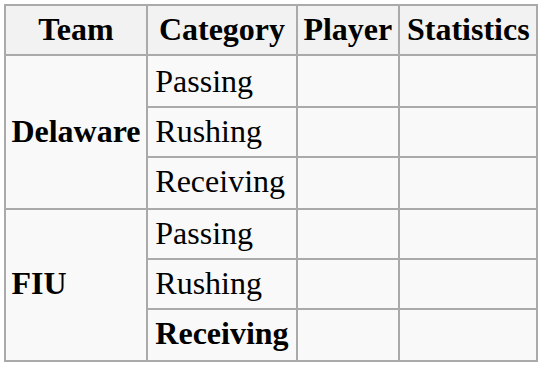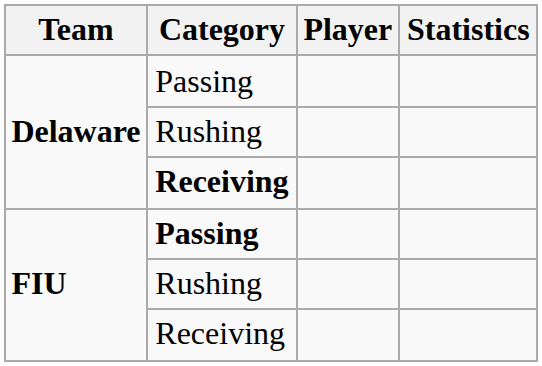 <table class="wikitable" style="float: right;">
 <tr>
 <th>Team</th>
 <th>Category</th>
 <th>Player</th>
 <th>Statistics</th>
 </tr>
 <tr>
 <td rowspan=3><strong>Delaware</strong></td>
 <td>Passing</td>
 <td></td>
 <td></td>
 </tr>
 <tr>
 <td>Rushing</td>
 <td></td>
 <td></td>
 </tr>
 <tr>
-<td>Receiving</td>
+<td><strong>Receiving</strong></td>
 <td></td>
 <td></td>
 </tr>
 <tr>
 <td rowspan=3><strong>FIU</strong></td>
-<td>Passing</td>
+<td><strong>Passing</strong></td>
 <td></td>
 <td></td>
 </tr>
 <tr>
 <td>Rushing</td>
 <td></td>
 <td></td>
 </tr>
 <tr>
-<td><strong>Receiving</strong></td>
+<td>Receiving</td>
 <td></td>
 <td></td>
 </tr>
 </table>
